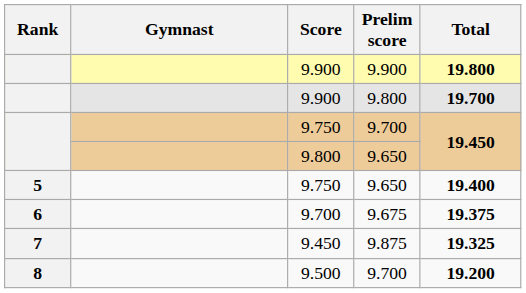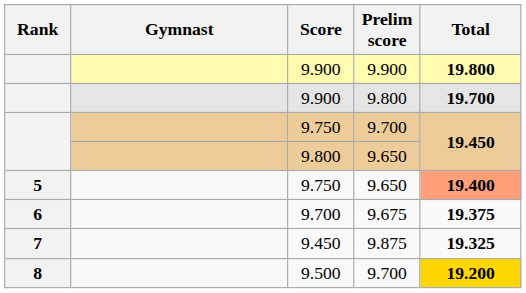 <table class="wikitable sortable" style="text-align:center; font-size:95%">
 <tr>
 <th scope="col" style="width:50px;">Rank</th>
 <th scope="col" style="width:180px;">Gymnast</th>
 <th scope="col" style="width:50px;">Score</th>
 <th scope="col" style="width:50px;">Prelim score</th>
 <th scope="col" style="width:80px;">Total</th>
 </tr>
 <tr style="background:#fffcaf;">
 <th scope=row style="text-align:center"></th>
 <td style="text-align:left;"></td>
 <td>9.900</td>
 <td>9.900</td>
 <td><strong>19.800</strong></td>
 </tr>
 <tr style="background:#e5e5e5;">
 <th scope=row style="text-align:center"></th>
 <td style="text-align:left;"></td>
 <td>9.900</td>
 <td>9.800</td>
 <td><strong>19.700</strong></td>
 </tr>
 <tr style="background:#ec9;">
 <th rowspan="2" scope="row" style="text-align:center"></th>
 <td style="text-align:left;"></td>
 <td>9.750</td>
 <td>9.700</td>
 <td rowspan="2"><strong>19.450</strong></td>
 </tr>
 <tr style="background:#ec9;">
 <td style="text-align:left;"></td>
 <td>9.800</td>
 <td>9.650</td>
 </tr>
 <tr>
 <th>5</th>
 <td align=left></td>
 <td>9.750</td>
 <td>9.650</td>
-<td><strong>19.400</strong></td>
+<td style="background: lightsalmon;"><strong>19.400</strong></td>
 </tr>
 <tr>
 <th>6</th>
 <td align=left></td>
 <td>9.700</td>
 <td>9.675</td>
 <td><strong>19.375</strong></td>
 </tr>
 <tr>
 <th>7</th>
 <td align=left></td>
 <td>9.450</td>
 <td>9.875</td>
 <td><strong>19.325</strong></td>
 </tr>
 <tr>
 <th>8</th>
 <td align=left></td>
 <td>9.500</td>
 <td>9.700</td>
-<td><strong>19.200</strong></td>
+<td style="background: gold;"><strong>19.200</strong></td>
 </tr>
 </table>
